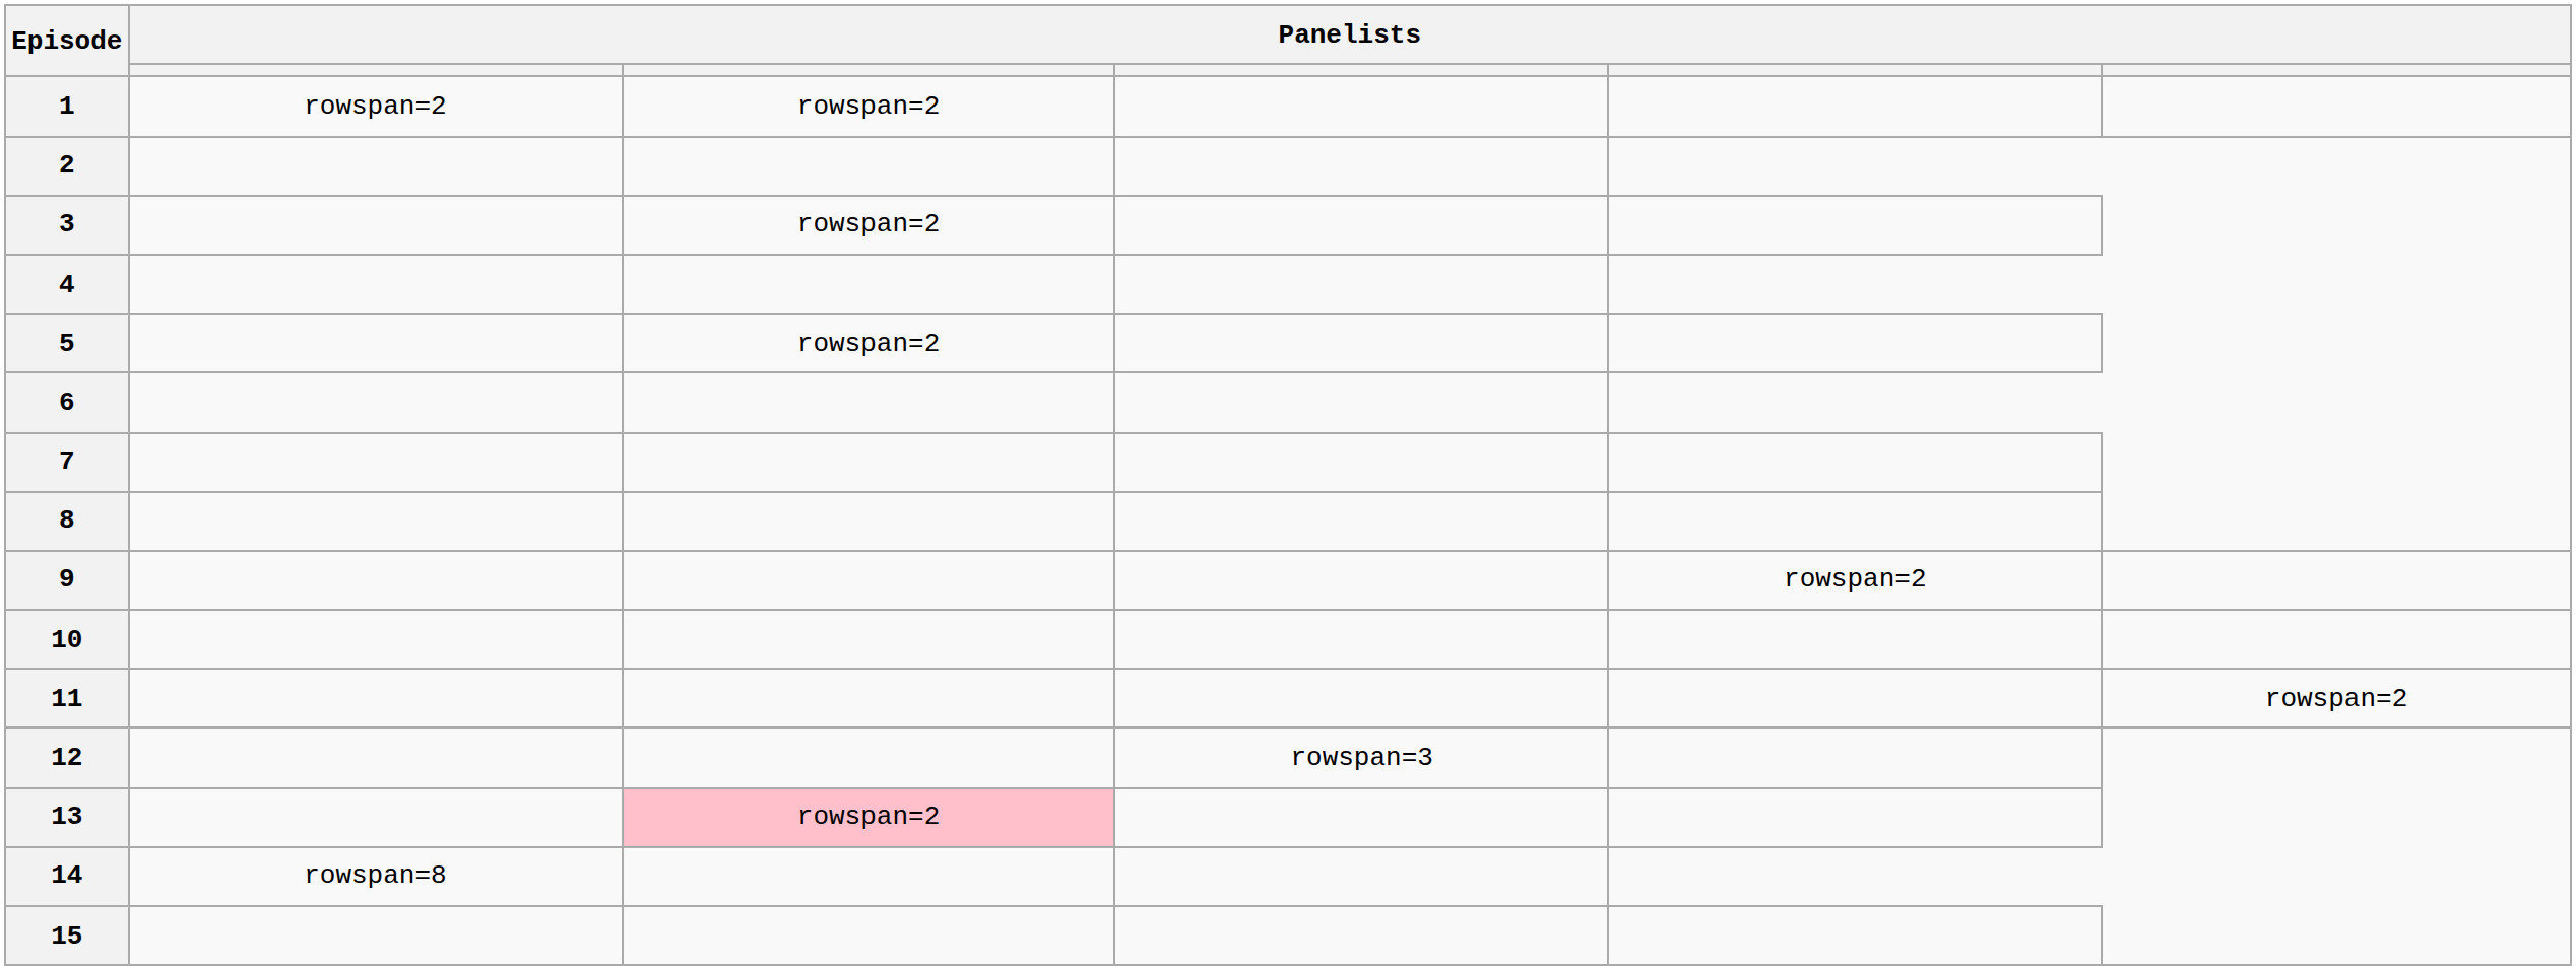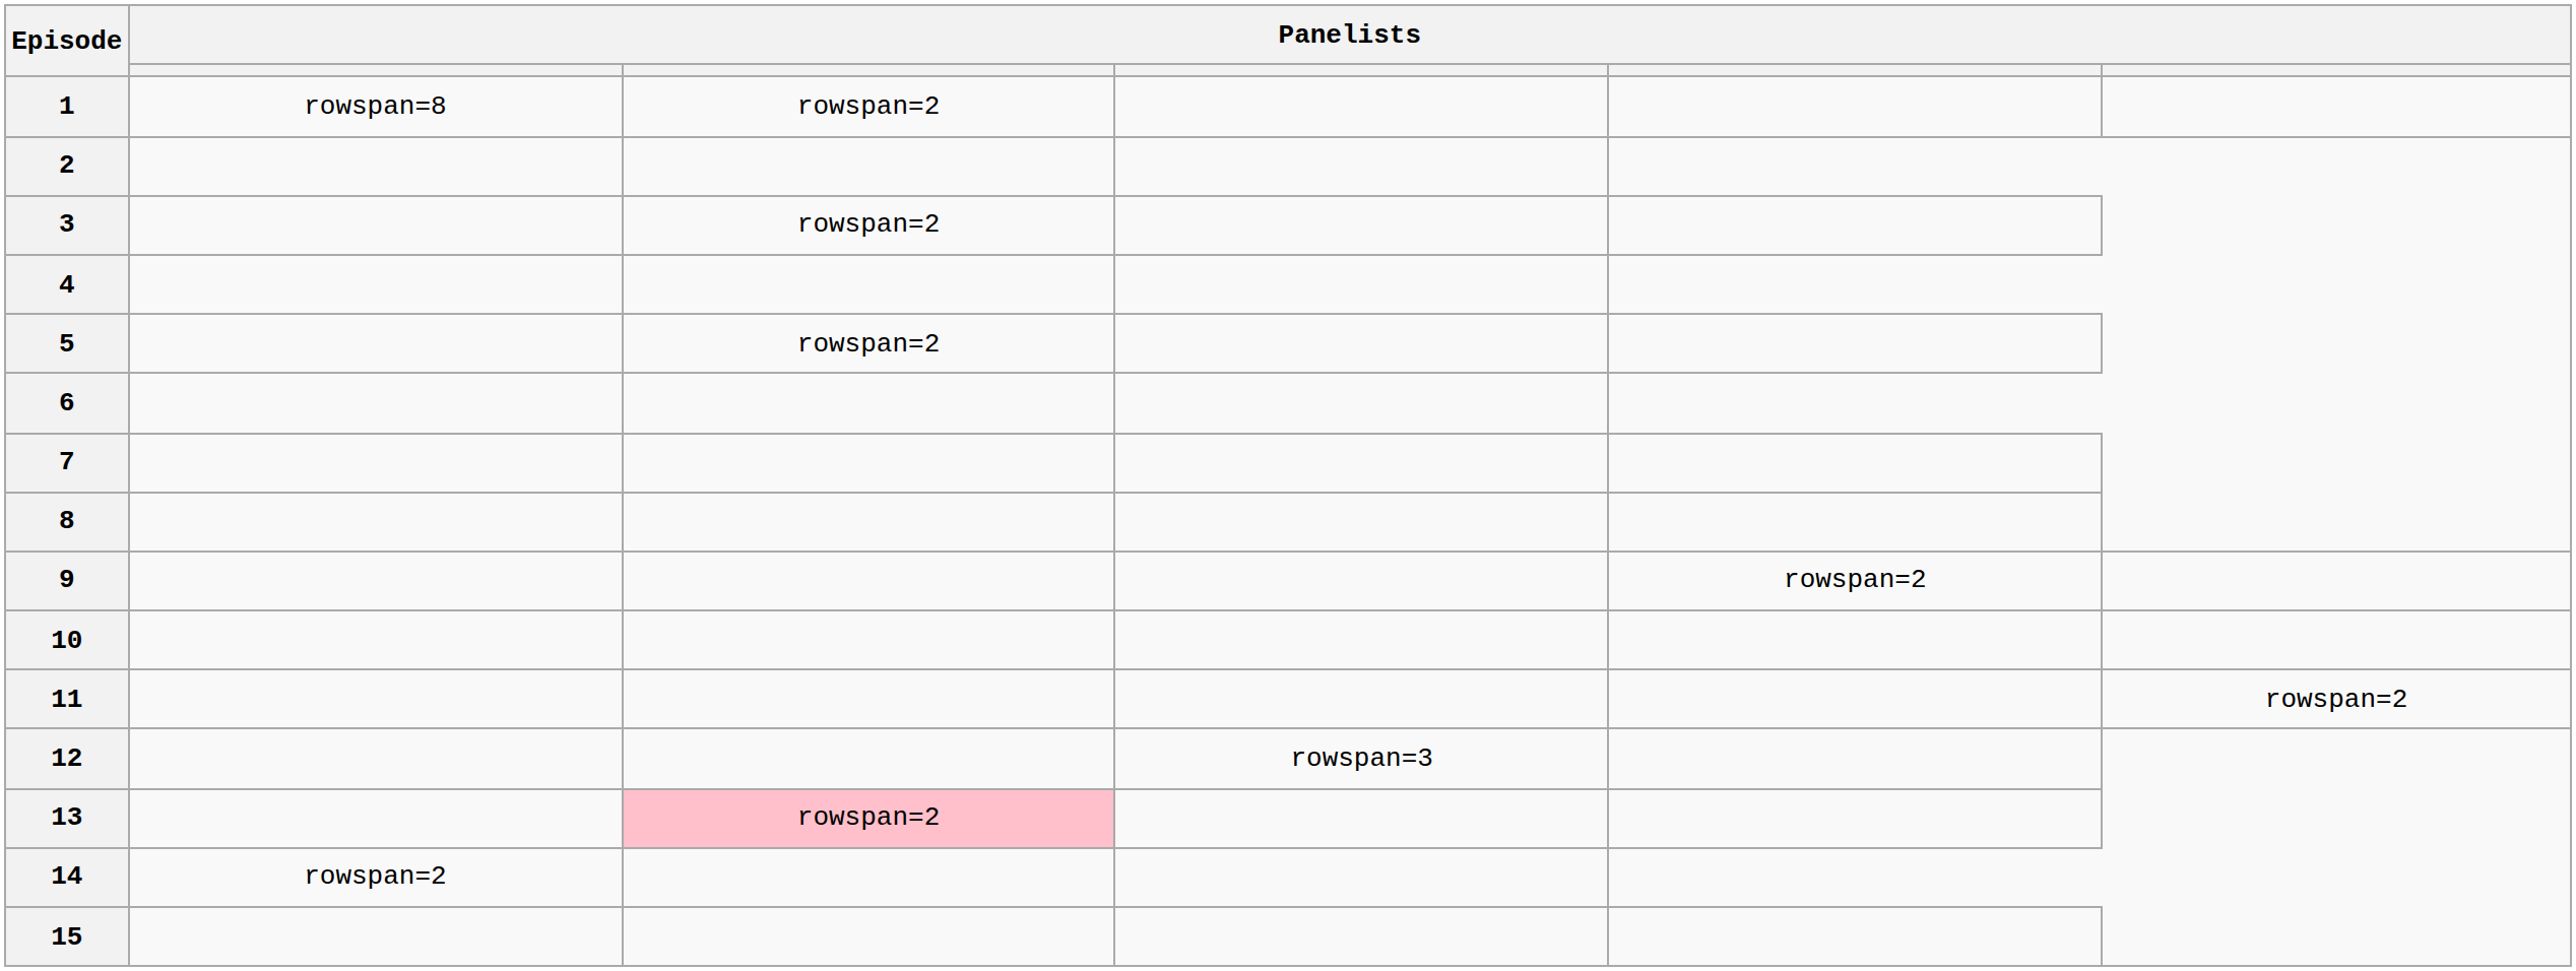 <table class="wikitable plainrowheaders mw-collapsible" style="text-align:center; line-height:23px; width:100%;">
 <tr>
 <th rowspan="2" width="1%">Episode</th>
 <th colspan="5">Panelists</th>
 </tr>
 <tr>
 <th width="20%"></th>
 <th width="20%"></th>
 <th width="20%"></th>
 <th width="20%"></th>
 <th width="20%"></th>
 </tr>
 <tr>
 <th>1</th>
-<td>rowspan=2 </td>
+<td>rowspan=8 </td>
 <td>rowspan=2 </td>
 <td></td>
 <td></td>
 <td></td>
 </tr>
 <tr>
 <th>2</th>
 <td></td>
 <td></td>
 <td></td>
 </tr>
 <tr>
 <th>3</th>
 <td></td>
 <td>rowspan=2 </td>
 <td></td>
 <td></td>
 </tr>
 <tr>
 <th>4</th>
 <td></td>
 <td></td>
 <td></td>
 </tr>
 <tr>
 <th>5</th>
 <td></td>
 <td>rowspan=2 </td>
 <td></td>
 <td></td>
 </tr>
 <tr>
 <th>6</th>
 <td></td>
 <td></td>
 <td></td>
 </tr>
 <tr>
 <th>7</th>
 <td></td>
 <td></td>
 <td></td>
 <td></td>
 </tr>
 <tr>
 <th>8</th>
 <td></td>
 <td></td>
 <td></td>
 <td></td>
 </tr>
 <tr>
 <th>9</th>
 <td></td>
 <td></td>
 <td></td>
 <td>rowspan=2 </td>
 <td></td>
 </tr>
 <tr>
 <th>10</th>
 <td></td>
 <td></td>
 <td></td>
 <td></td>
 </tr>
 <tr>
 <th>11</th>
 <td></td>
 <td></td>
 <td></td>
 <td></td>
 <td>rowspan=2 </td>
 </tr>
 <tr>
 <th>12</th>
 <td></td>
 <td></td>
 <td>rowspan=3 </td>
 <td></td>
 </tr>
 <tr>
 <th>13</th>
 <td></td>
 <td style="background: pink;">rowspan=2 </td>
 <td></td>
 <td></td>
 </tr>
 <tr>
 <th>14</th>
-<td>rowspan=8 </td>
+<td>rowspan=2 </td>
 <td></td>
 <td></td>
 </tr>
 <tr>
 <th>15</th>
 <td></td>
 <td></td>
 <td></td>
 <td></td>
 </tr>
 </table>
